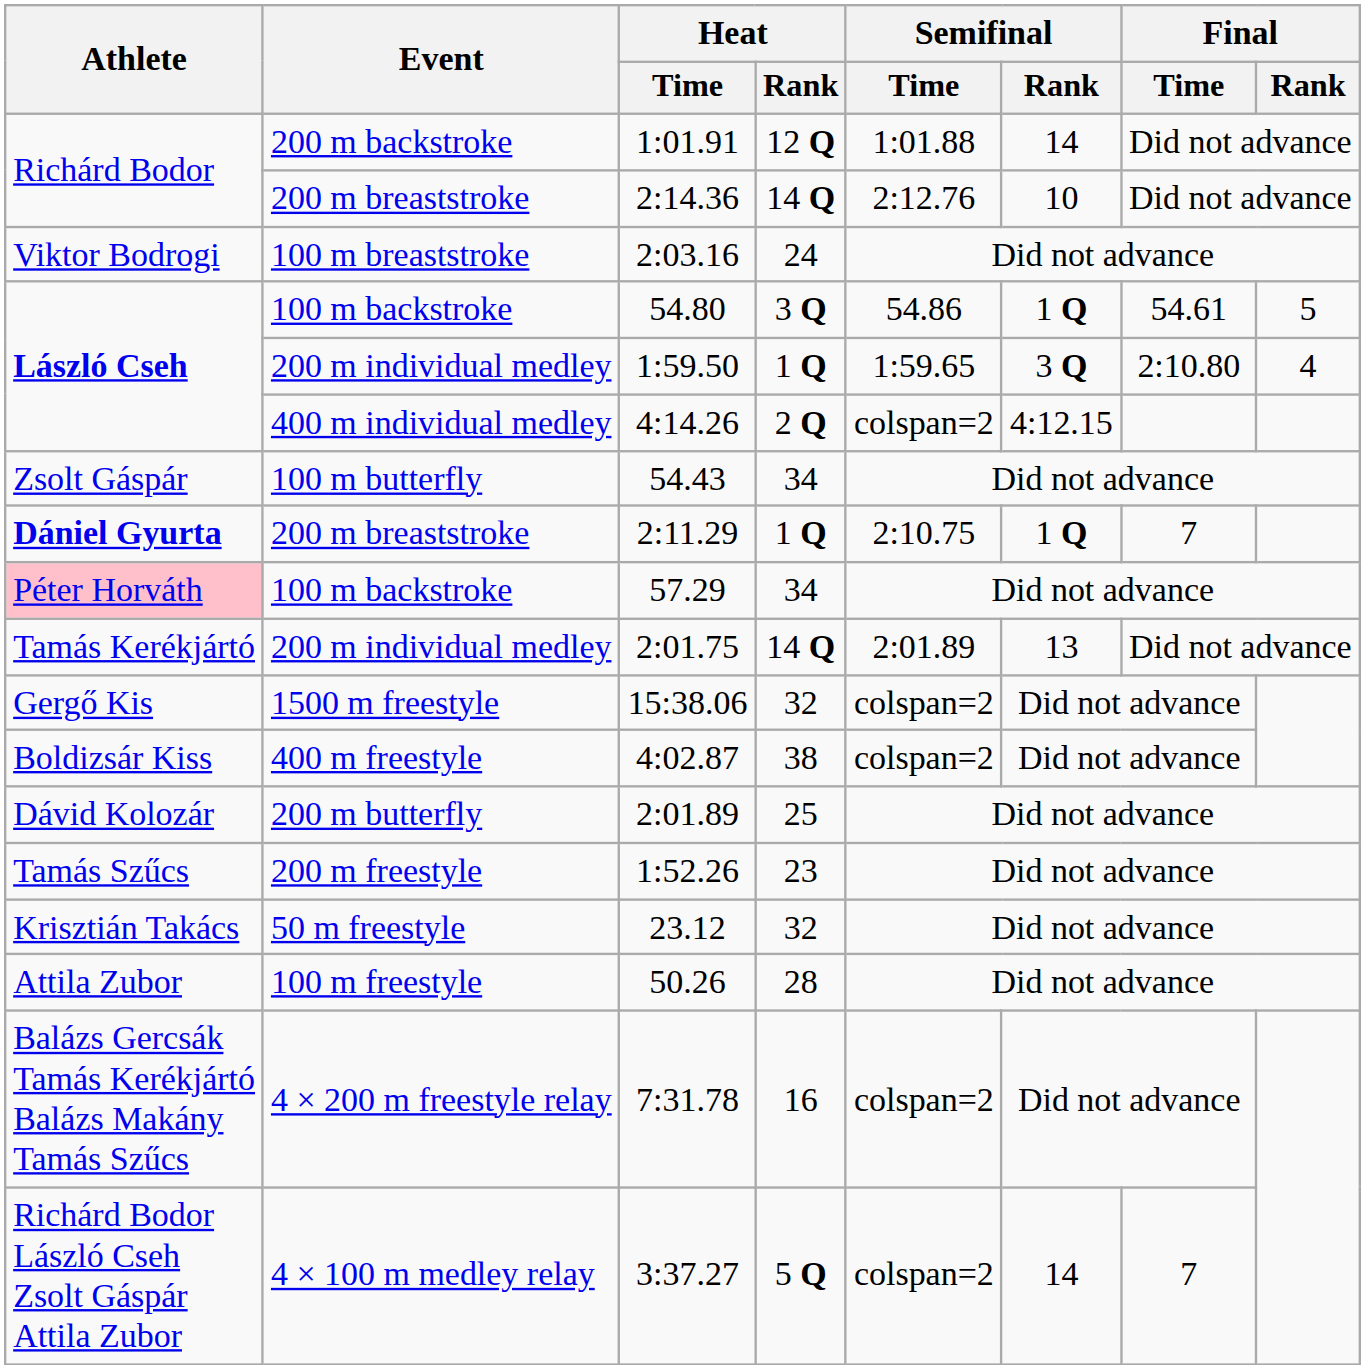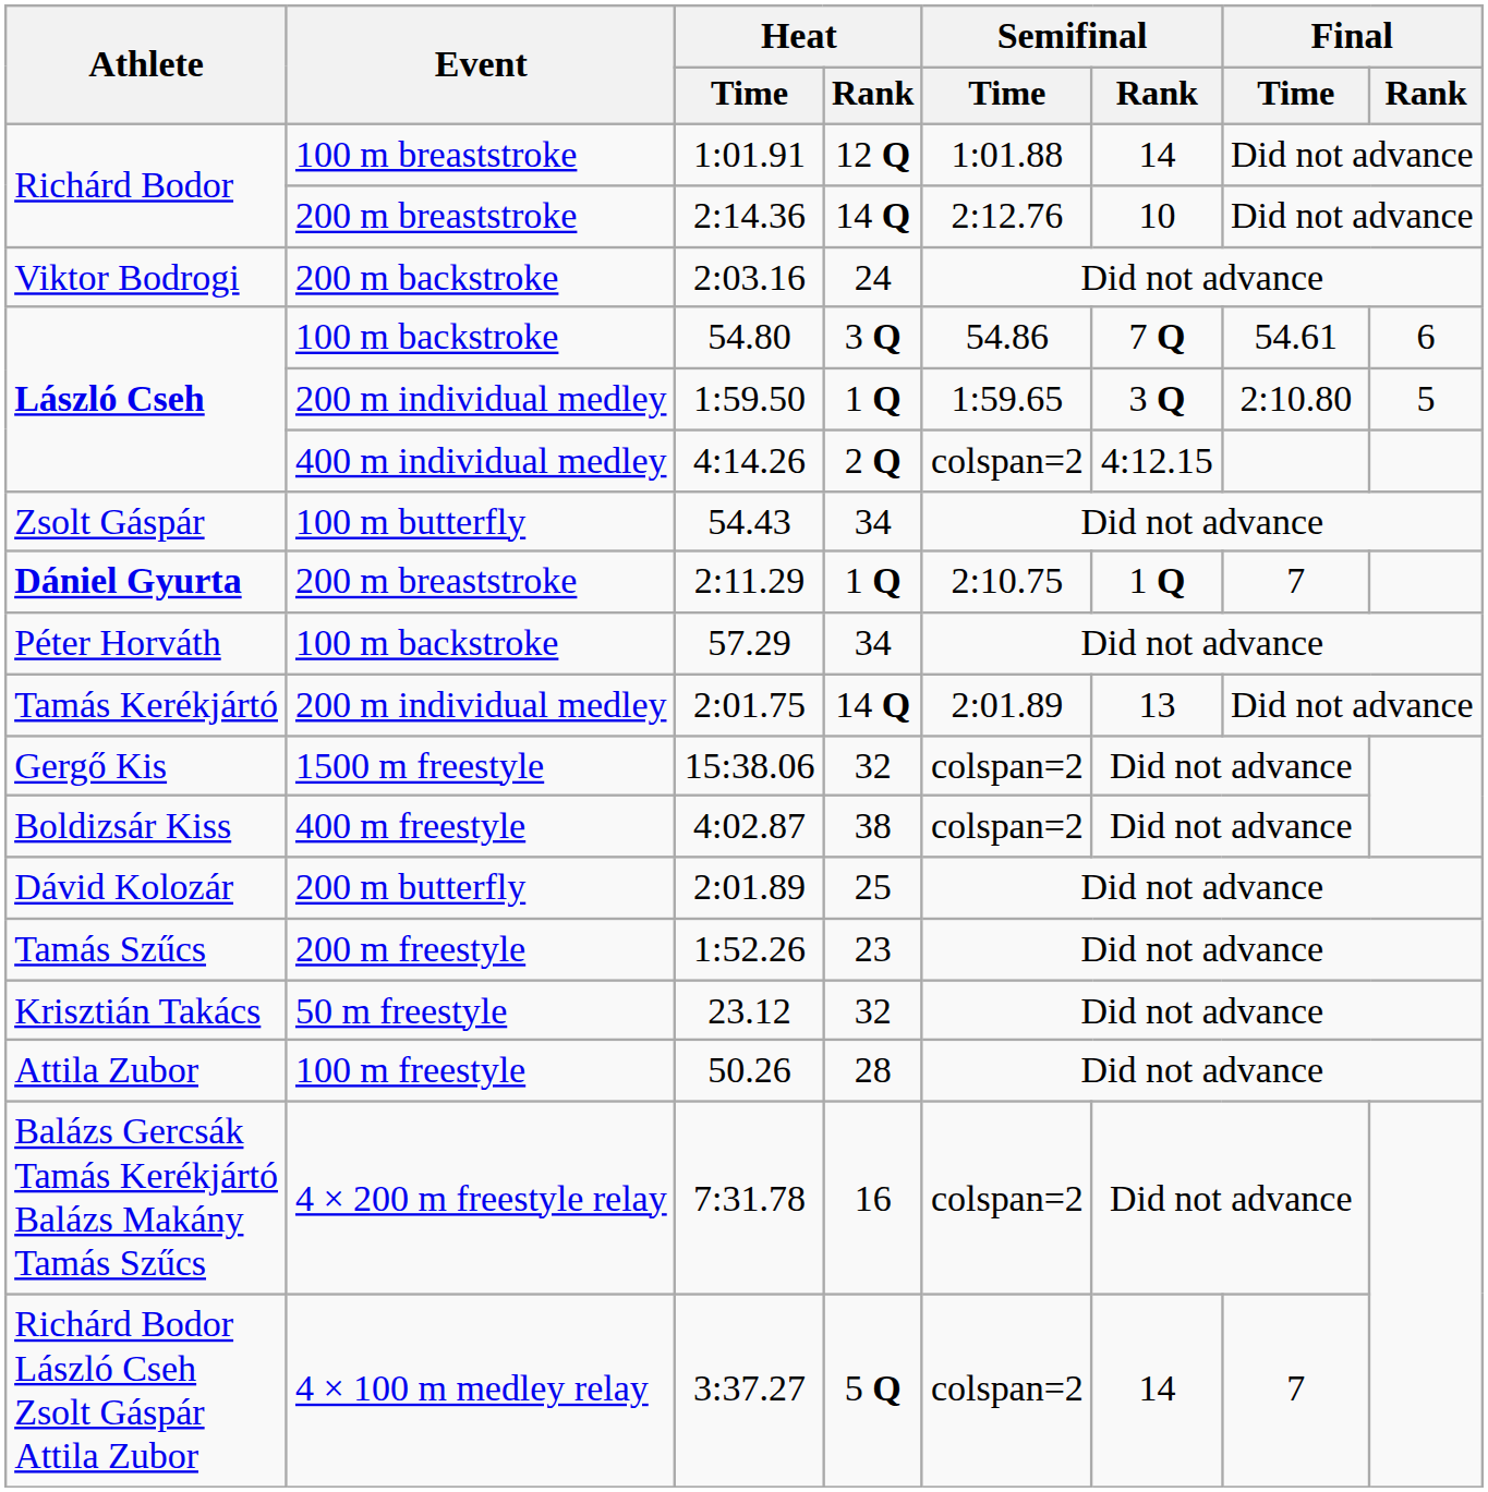 <table class=wikitable style="font-size:90%">
 <tr>
 <th rowspan="2">Athlete</th>
 <th rowspan="2">Event</th>
 <th colspan="2">Heat</th>
 <th colspan="2">Semifinal</th>
 <th colspan="2">Final</th>
 </tr>
 <tr style="font-size:95%">
 <th>Time</th>
 <th>Rank</th>
 <th>Time</th>
 <th>Rank</th>
 <th>Time</th>
 <th>Rank</th>
 </tr>
 <tr align=center>
 <td align=left rowspan=2><a href='#'>Richárd Bodor</a></td>
-<td align=left><a href='#'>200 m backstroke</a></td>
+<td align=left><a href='#'>100 m breaststroke</a></td>
 <td>1:01.91</td>
 <td>12 <strong>Q</strong></td>
 <td>1:01.88</td>
 <td>14</td>
 <td colspan=2>Did not advance</td>
 </tr>
 <tr align=center>
 <td align=left><a href='#'>200 m breaststroke</a></td>
 <td>2:14.36</td>
 <td>14 <strong>Q</strong></td>
 <td>2:12.76</td>
 <td>10</td>
 <td colspan=2>Did not advance</td>
 </tr>
 <tr align=center>
 <td align=left><a href='#'>Viktor Bodrogi</a></td>
-<td align=left><a href='#'>100 m breaststroke</a></td>
+<td align=left><a href='#'>200 m backstroke</a></td>
 <td>2:03.16</td>
 <td>24</td>
 <td colspan=4>Did not advance</td>
 </tr>
 <tr align=center>
 <td align=left rowspan=3><strong><a href='#'>László Cseh</a></strong></td>
 <td align=left><a href='#'>100 m backstroke</a></td>
 <td>54.80</td>
 <td>3 <strong>Q</strong></td>
 <td>54.86</td>
-<td>1 <strong>Q</strong></td>
+<td>7 <strong>Q</strong></td>
 <td>54.61</td>
-<td>5</td>
+<td>6</td>
 </tr>
 <tr align=center>
 <td align=left><a href='#'>200 m individual medley</a></td>
 <td>1:59.50</td>
 <td>1 <strong>Q</strong></td>
 <td>1:59.65</td>
 <td>3 <strong>Q</strong></td>
 <td>2:10.80</td>
-<td>4</td>
+<td>5</td>
 </tr>
 <tr align=center>
 <td align=left><a href='#'>400 m individual medley</a></td>
 <td>4:14.26</td>
 <td>2 <strong>Q</strong></td>
 <td>colspan=2 </td>
 <td>4:12.15</td>
 <td></td>
 </tr>
 <tr align=center>
 <td align=left><a href='#'>Zsolt Gáspár</a></td>
 <td align=left><a href='#'>100 m butterfly</a></td>
 <td>54.43</td>
 <td>34</td>
 <td colspan=4>Did not advance</td>
 </tr>
 <tr align=center>
 <td align=left><strong><a href='#'>Dániel Gyurta</a></strong></td>
 <td align=left><a href='#'>200 m breaststroke</a></td>
 <td>2:11.29</td>
 <td>1 <strong>Q</strong></td>
 <td>2:10.75</td>
 <td>1 <strong>Q</strong></td>
 <td>7</td>
 <td></td>
 </tr>
 <tr align=center>
-<td align=left style="background: pink;"><a href='#'>Péter Horváth</a></td>
+<td align=left><a href='#'>Péter Horváth</a></td>
 <td align=left><a href='#'>100 m backstroke</a></td>
 <td>57.29</td>
 <td>34</td>
 <td colspan=4>Did not advance</td>
 </tr>
 <tr align=center>
 <td align=left><a href='#'>Tamás Kerékjártó</a></td>
 <td align=left><a href='#'>200 m individual medley</a></td>
 <td>2:01.75</td>
 <td>14 <strong>Q</strong></td>
 <td>2:01.89</td>
 <td>13</td>
 <td colspan=2>Did not advance</td>
 </tr>
 <tr align=center>
 <td align=left><a href='#'>Gergő Kis</a></td>
 <td align=left><a href='#'>1500 m freestyle</a></td>
 <td>15:38.06</td>
 <td>32</td>
 <td>colspan=2 </td>
 <td colspan=2>Did not advance</td>
 </tr>
 <tr align=center>
 <td align=left><a href='#'>Boldizsár Kiss</a></td>
 <td align=left><a href='#'>400 m freestyle</a></td>
 <td>4:02.87</td>
 <td>38</td>
 <td>colspan=2 </td>
 <td colspan=2>Did not advance</td>
 </tr>
 <tr align=center>
 <td align=left><a href='#'>Dávid Kolozár</a></td>
 <td align=left><a href='#'>200 m butterfly</a></td>
 <td>2:01.89</td>
 <td>25</td>
 <td colspan=4>Did not advance</td>
 </tr>
 <tr align=center>
 <td align=left><a href='#'>Tamás Szűcs</a></td>
 <td align=left><a href='#'>200 m freestyle</a></td>
 <td>1:52.26</td>
 <td>23</td>
 <td colspan=4>Did not advance</td>
 </tr>
 <tr align=center>
 <td align=left><a href='#'>Krisztián Takács</a></td>
 <td align=left><a href='#'>50 m freestyle</a></td>
 <td>23.12</td>
 <td>32</td>
 <td colspan=4>Did not advance</td>
 </tr>
 <tr align=center>
 <td align=left><a href='#'>Attila Zubor</a></td>
 <td align=left><a href='#'>100 m freestyle</a></td>
 <td>50.26</td>
 <td>28</td>
 <td colspan=4>Did not advance</td>
 </tr>
 <tr align=center>
 <td align=left><a href='#'>Balázs Gercsák</a><br><a href='#'>Tamás Kerékjártó</a><br><a href='#'>Balázs Makány</a><br><a href='#'>Tamás Szűcs</a></td>
 <td align=left><a href='#'>4 × 200 m freestyle relay</a></td>
 <td>7:31.78</td>
 <td>16</td>
 <td>colspan=2 </td>
 <td colspan=2>Did not advance</td>
 </tr>
 <tr align=center>
 <td align=left><a href='#'>Richárd Bodor</a><br><a href='#'>László Cseh</a><br><a href='#'>Zsolt Gáspár</a><br><a href='#'>Attila Zubor</a></td>
 <td align=left><a href='#'>4 × 100 m medley relay</a></td>
 <td>3:37.27</td>
 <td>5 <strong>Q</strong></td>
 <td>colspan=2 </td>
 <td>14</td>
 <td>7</td>
 </tr>
 </table>
